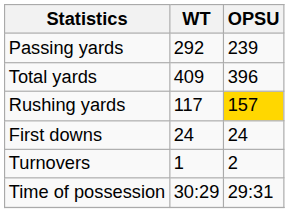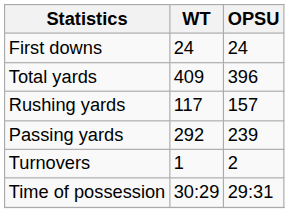 <table class="wikitable">
 <tr>
 <th>Statistics</th>
 <th>WT</th>
 <th>OPSU</th>
 </tr>
 <tr>
-<td>Passing yards</td>
-<td>292</td>
-<td>239</td>
+<td>First downs</td>
+<td>24</td>
+<td>24</td>
 </tr>
 <tr>
 <td>Total yards</td>
 <td>409</td>
 <td>396</td>
 </tr>
 <tr>
 <td>Rushing yards</td>
 <td>117</td>
-<td style="background: gold;">157</td>
+<td>157</td>
 </tr>
 <tr>
-<td>First downs</td>
-<td>24</td>
-<td>24</td>
+<td>Passing yards</td>
+<td>292</td>
+<td>239</td>
 </tr>
 <tr>
 <td>Turnovers</td>
 <td>1</td>
 <td>2</td>
 </tr>
 <tr>
 <td>Time of possession</td>
 <td>30:29</td>
 <td>29:31</td>
 </tr>
 <tr>
 </tr>
 </table>
